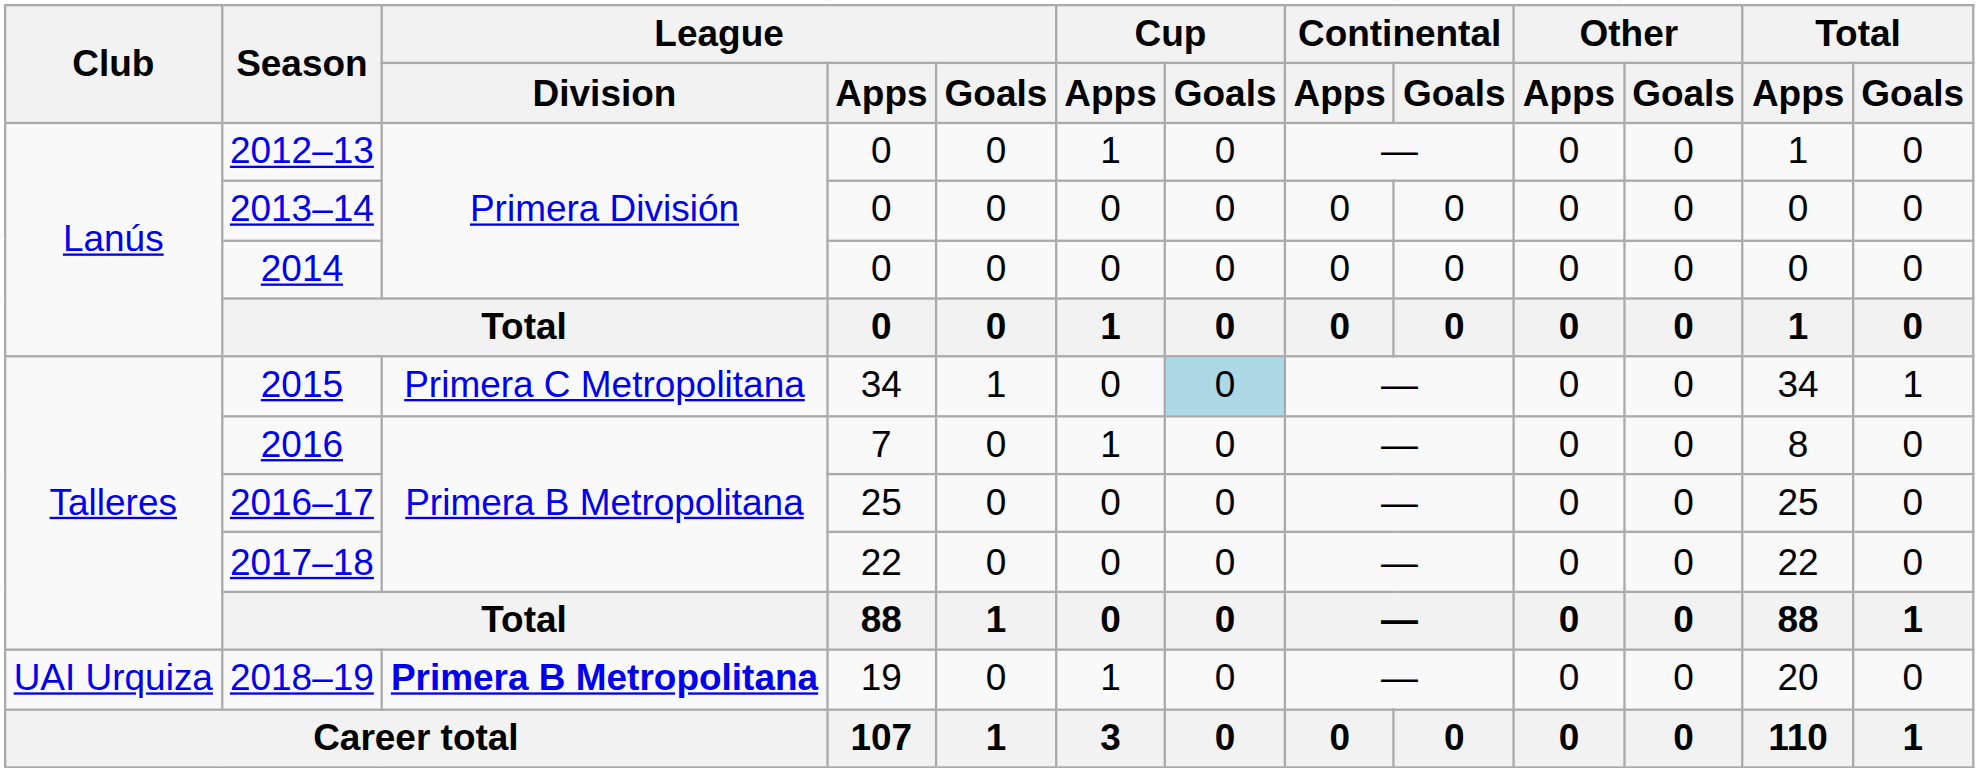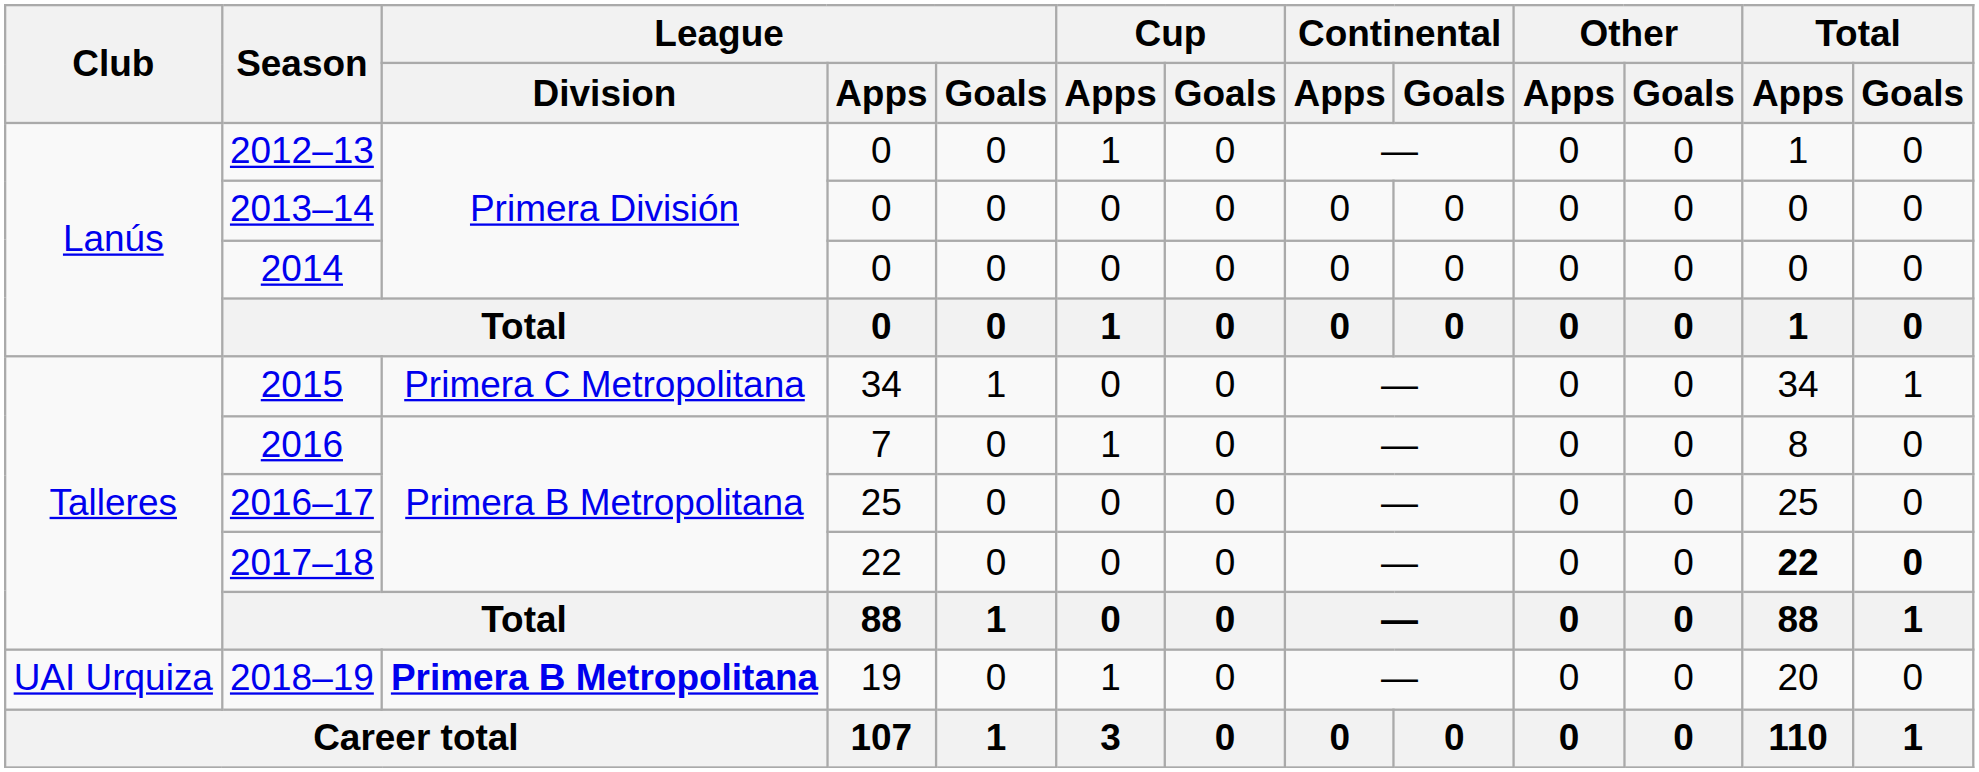 <table class="wikitable" style="text-align:center">
 <tr>
 <th rowspan="2">Club</th>
 <th rowspan="2">Season</th>
 <th colspan="3">League</th>
 <th colspan="2">Cup</th>
 <th colspan="2">Continental</th>
 <th colspan="2">Other</th>
 <th colspan="2">Total</th>
 </tr>
 <tr>
 <th>Division</th>
 <th>Apps</th>
 <th>Goals</th>
 <th>Apps</th>
 <th>Goals</th>
 <th>Apps</th>
 <th>Goals</th>
 <th>Apps</th>
 <th>Goals</th>
 <th>Apps</th>
 <th>Goals</th>
 </tr>
 <tr>
 <td rowspan="4"><a href='#'>Lanús</a></td>
 <td><a href='#'>2012–13</a></td>
 <td rowspan="3"><a href='#'>Primera División</a></td>
 <td>0</td>
 <td>0</td>
 <td>1</td>
 <td>0</td>
 <td colspan="2">—</td>
 <td>0</td>
 <td>0</td>
 <td>1</td>
 <td>0</td>
 </tr>
 <tr>
 <td><a href='#'>2013–14</a></td>
 <td>0</td>
 <td>0</td>
 <td>0</td>
 <td>0</td>
 <td>0</td>
 <td>0</td>
 <td>0</td>
 <td>0</td>
 <td>0</td>
 <td>0</td>
 </tr>
 <tr>
 <td><a href='#'>2014</a></td>
 <td>0</td>
 <td>0</td>
 <td>0</td>
 <td>0</td>
 <td>0</td>
 <td>0</td>
 <td>0</td>
 <td>0</td>
 <td>0</td>
 <td>0</td>
 </tr>
 <tr>
 <th colspan="2">Total</th>
 <th>0</th>
 <th>0</th>
 <th>1</th>
 <th>0</th>
 <th>0</th>
 <th>0</th>
 <th>0</th>
 <th>0</th>
 <th>1</th>
 <th>0</th>
 </tr>
 <tr>
 <td rowspan="5"><a href='#'>Talleres</a></td>
 <td><a href='#'>2015</a></td>
 <td rowspan="1"><a href='#'>Primera C Metropolitana</a></td>
 <td>34</td>
 <td>1</td>
 <td>0</td>
-<td style="background: lightblue;">0</td>
+<td>0</td>
 <td colspan="2">—</td>
 <td>0</td>
 <td>0</td>
 <td>34</td>
 <td>1</td>
 </tr>
 <tr>
 <td><a href='#'>2016</a></td>
 <td rowspan="3"><a href='#'>Primera B Metropolitana</a></td>
 <td>7</td>
 <td>0</td>
 <td>1</td>
 <td>0</td>
 <td colspan="2">—</td>
 <td>0</td>
 <td>0</td>
 <td>8</td>
 <td>0</td>
 </tr>
 <tr>
 <td><a href='#'>2016–17</a></td>
 <td>25</td>
 <td>0</td>
 <td>0</td>
 <td>0</td>
 <td colspan="2">—</td>
 <td>0</td>
 <td>0</td>
 <td>25</td>
 <td>0</td>
 </tr>
 <tr>
 <td><a href='#'>2017–18</a></td>
 <td>22</td>
 <td>0</td>
 <td>0</td>
 <td>0</td>
 <td colspan="2">—</td>
 <td>0</td>
 <td>0</td>
-<td>22</td>
-<td>0</td>
+<td><strong>22</strong></td>
+<td><strong>0</strong></td>
 </tr>
 <tr>
 <th colspan="2">Total</th>
 <th>88</th>
 <th>1</th>
 <th>0</th>
 <th>0</th>
 <th colspan="2">—</th>
 <th>0</th>
 <th>0</th>
 <th>88</th>
 <th>1</th>
 </tr>
 <tr>
 <td rowspan="1"><a href='#'>UAI Urquiza</a></td>
 <td><a href='#'>2018–19</a></td>
 <td rowspan="1"><strong><a href='#'>Primera B Metropolitana</a></strong></td>
 <td>19</td>
 <td>0</td>
 <td>1</td>
 <td>0</td>
 <td colspan="2">—</td>
 <td>0</td>
 <td>0</td>
 <td>20</td>
 <td>0</td>
 </tr>
 <tr>
 <th colspan="3">Career total</th>
 <th>107</th>
 <th>1</th>
 <th>3</th>
 <th>0</th>
 <th>0</th>
 <th>0</th>
 <th>0</th>
 <th>0</th>
 <th>110</th>
 <th>1</th>
 </tr>
 </table>
